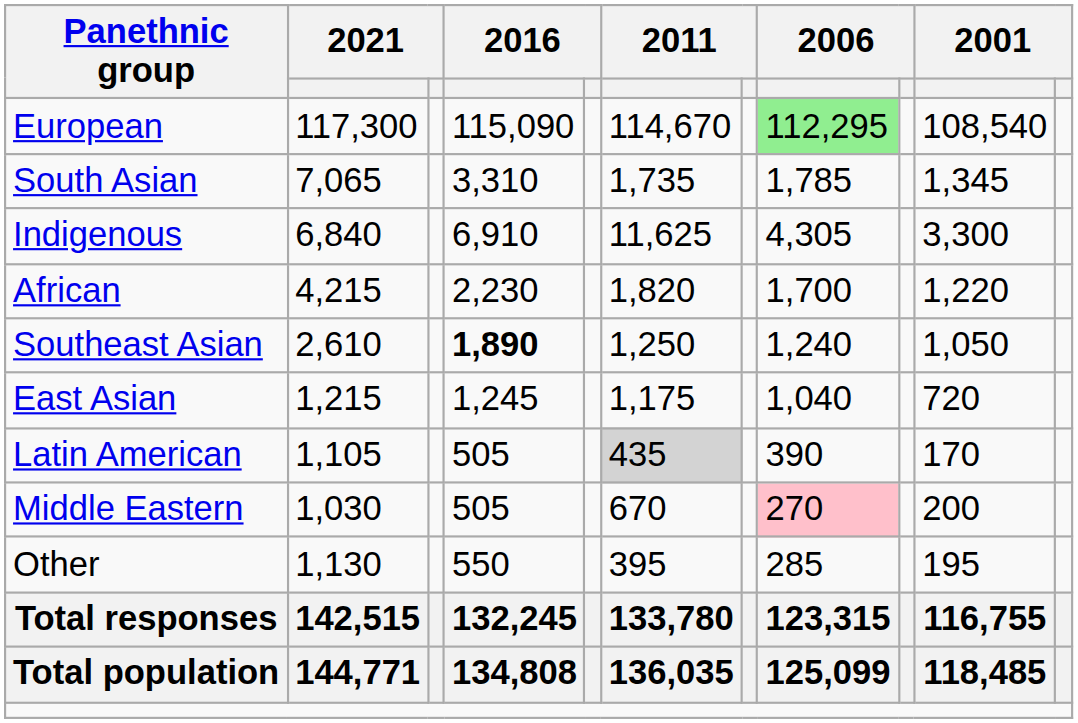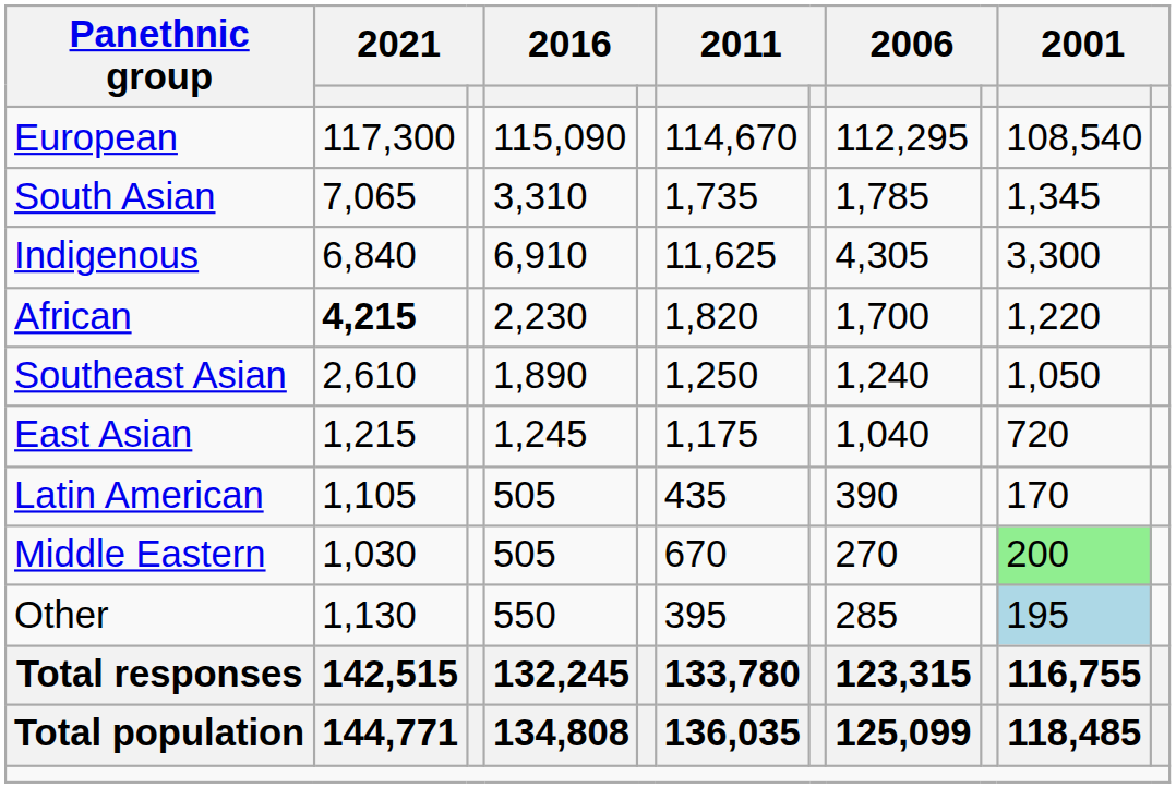 <table class="wikitable collapsible sortable">
 <tr>
 <th rowspan="2"><a href='#'>Panethnic</a><br>group</th>
 <th colspan="2">2021</th>
 <th colspan="2">2016</th>
 <th colspan="2">2011</th>
 <th colspan="2">2006</th>
 <th colspan="2">2001</th>
 </tr>
 <tr>
 <th><a href='#'></a></th>
 <th></th>
 <th></th>
 <th></th>
 <th></th>
 <th></th>
 <th></th>
 <th></th>
 <th></th>
 <th></th>
 </tr>
 <tr>
 <td><a href='#'>European</a></td>
 <td>117,300</td>
 <td></td>
 <td>115,090</td>
 <td></td>
 <td>114,670</td>
 <td></td>
-<td style="background: lightgreen;">112,295</td>
+<td>112,295</td>
 <td></td>
 <td>108,540</td>
 <td></td>
 </tr>
 <tr>
 <td><a href='#'>South Asian</a></td>
 <td>7,065</td>
 <td></td>
 <td>3,310</td>
 <td></td>
 <td>1,735</td>
 <td></td>
 <td>1,785</td>
 <td></td>
 <td>1,345</td>
 <td></td>
 </tr>
 <tr>
 <td><a href='#'>Indigenous</a></td>
 <td>6,840</td>
 <td></td>
 <td>6,910</td>
 <td></td>
 <td>11,625</td>
 <td></td>
 <td>4,305</td>
 <td></td>
 <td>3,300</td>
 <td></td>
 </tr>
 <tr>
 <td><a href='#'>African</a></td>
-<td>4,215</td>
+<td><strong>4,215</strong></td>
 <td></td>
 <td>2,230</td>
 <td></td>
 <td>1,820</td>
 <td></td>
 <td>1,700</td>
 <td></td>
 <td>1,220</td>
 <td></td>
 </tr>
 <tr>
 <td><a href='#'>Southeast Asian</a></td>
 <td>2,610</td>
 <td></td>
-<td><strong>1,890</strong></td>
+<td>1,890</td>
 <td></td>
 <td>1,250</td>
 <td></td>
 <td>1,240</td>
 <td></td>
 <td>1,050</td>
 <td></td>
 </tr>
 <tr>
 <td><a href='#'>East Asian</a></td>
 <td>1,215</td>
 <td></td>
 <td>1,245</td>
 <td></td>
 <td>1,175</td>
 <td></td>
 <td>1,040</td>
 <td></td>
 <td>720</td>
 <td></td>
 </tr>
 <tr>
 <td><a href='#'>Latin American</a></td>
 <td>1,105</td>
 <td></td>
 <td>505</td>
 <td></td>
-<td style="background: lightgrey;">435</td>
+<td>435</td>
 <td></td>
 <td>390</td>
 <td></td>
 <td>170</td>
 <td></td>
 </tr>
 <tr>
 <td><a href='#'>Middle Eastern</a></td>
 <td>1,030</td>
 <td></td>
 <td>505</td>
 <td></td>
 <td>670</td>
 <td></td>
-<td style="background: pink;">270</td>
+<td>270</td>
 <td></td>
-<td>200</td>
+<td style="background: lightgreen;">200</td>
 <td></td>
 </tr>
 <tr>
 <td>Other</td>
 <td>1,130</td>
 <td></td>
 <td>550</td>
 <td></td>
 <td>395</td>
 <td></td>
 <td>285</td>
 <td></td>
-<td>195</td>
+<td style="background: lightblue;">195</td>
 <td></td>
 </tr>
 <tr>
 <th>Total responses</th>
 <th>142,515</th>
 <th></th>
 <th>132,245</th>
 <th></th>
 <th>133,780</th>
 <th></th>
 <th>123,315</th>
 <th></th>
 <th>116,755</th>
 <th></th>
 </tr>
 <tr>
 <th>Total population</th>
 <th>144,771</th>
 <th></th>
 <th>134,808</th>
 <th></th>
 <th>136,035</th>
 <th></th>
 <th>125,099</th>
 <th></th>
 <th>118,485</th>
 <th></th>
 </tr>
 <tr class="sortbottom">
 <td colspan="15"></td>
 </tr>
 </table>
